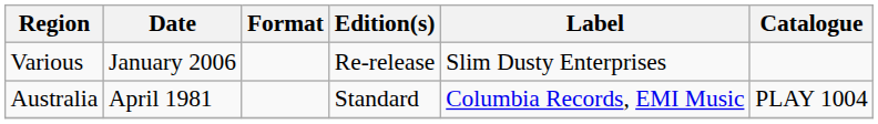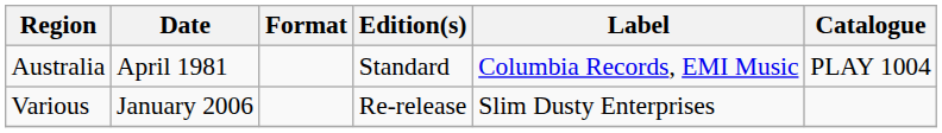 <table class="wikitable plainrowheaders">
 <tr>
 <th scope="col">Region</th>
 <th scope="col">Date</th>
 <th scope="col">Format</th>
 <th scope="col">Edition(s)</th>
 <th scope="col">Label</th>
 <th scope="col">Catalogue</th>
 </tr>
 <tr>
+<td>Australia</td>
+<td>April 1981</td>
+<td></td>
+<td>Standard</td>
+<td><a href='#'>Columbia Records</a>, <a href='#'>EMI Music</a></td>
+<td>PLAY 1004</td>
+</tr>
+<tr>
 <td>Various</td>
 <td>January 2006</td>
 <td></td>
 <td>Re-release</td>
 <td>Slim Dusty Enterprises</td>
 <td></td>
 </tr>
 <tr>
-<td>Australia</td>
-<td>April 1981</td>
-<td></td>
-<td>Standard</td>
-<td><a href='#'>Columbia Records</a>, <a href='#'>EMI Music</a></td>
-<td>PLAY 1004</td>
-</tr>
-<tr>
 </tr>
 </table>
